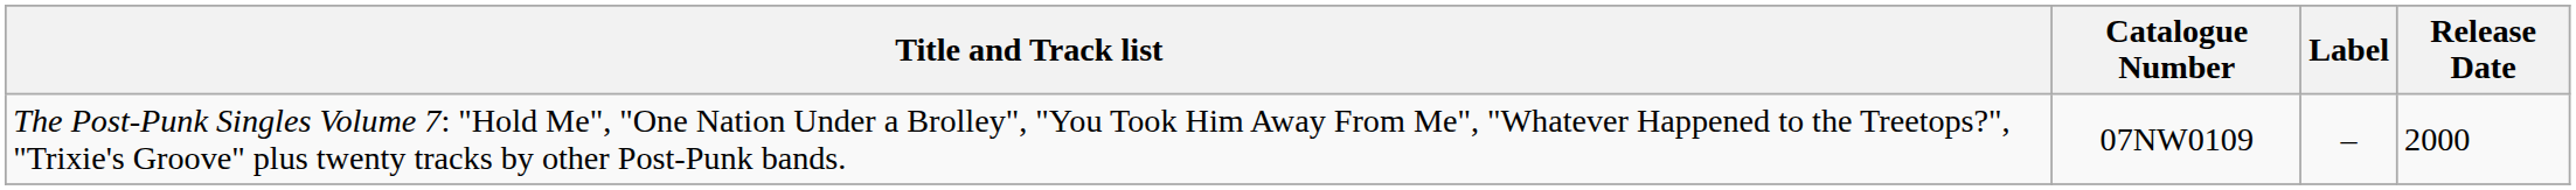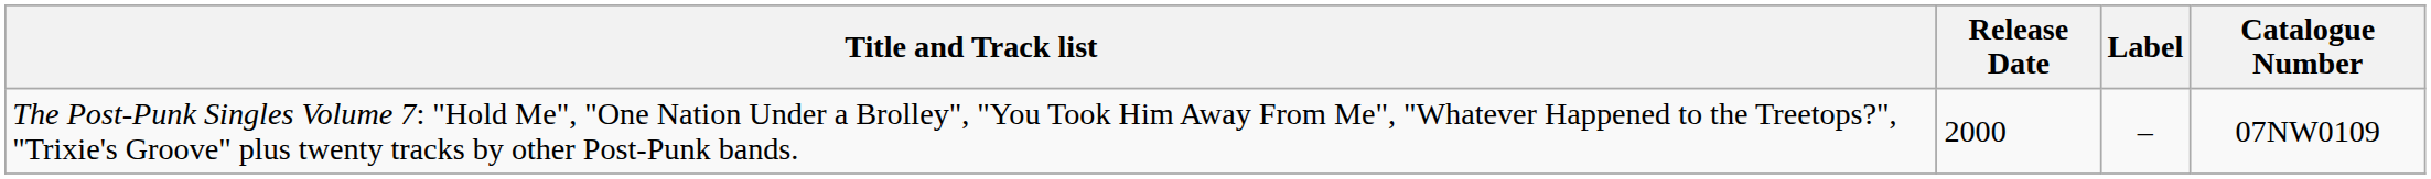 <table class="wikitable">
 <tr>
 <th>Title and Track list</th>
+<th>Release Date</th>
+<th>Label</th>
 <th>Catalogue Number</th>
-<th>Label</th>
-<th>Release Date</th>
 </tr>
 <tr>
 <td><em>The Post-Punk Singles Volume 7</em>: "Hold Me", "One Nation Under a Brolley", "You Took Him Away From Me", "Whatever Happened to the Treetops?", "Trixie's Groove"  plus twenty tracks by other Post-Punk bands.</td>
+<td>2000</td>
+<td style="text-align:center;">–</td>
 <td style="text-align:center;">07NW0109</td>
-<td style="text-align:center;">–</td>
-<td>2000</td>
 </tr>
 </table>
